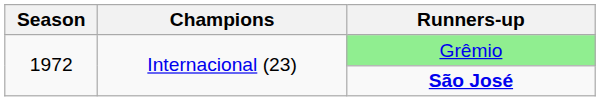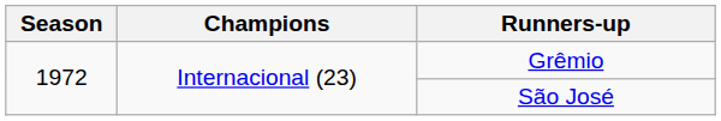 <table class="wikitable" style="text-align:center; margin-left:1em;">
 <tr>
 <th style="width:70px">Season</th>
 <th style="width:200px">Champions</th>
 <th style="width:200px">Runners-up</th>
 </tr>
 <tr>
 <td rowspan=2>1972</td>
 <td rowspan=2><a href='#'>Internacional</a> (23)</td>
-<td style="background: lightgreen;"><a href='#'>Grêmio</a></td>
+<td><a href='#'>Grêmio</a></td>
 </tr>
 <tr>
-<td><strong><a href='#'>São José</a></strong></td>
+<td><a href='#'>São José</a></td>
 </tr>
 </table>
